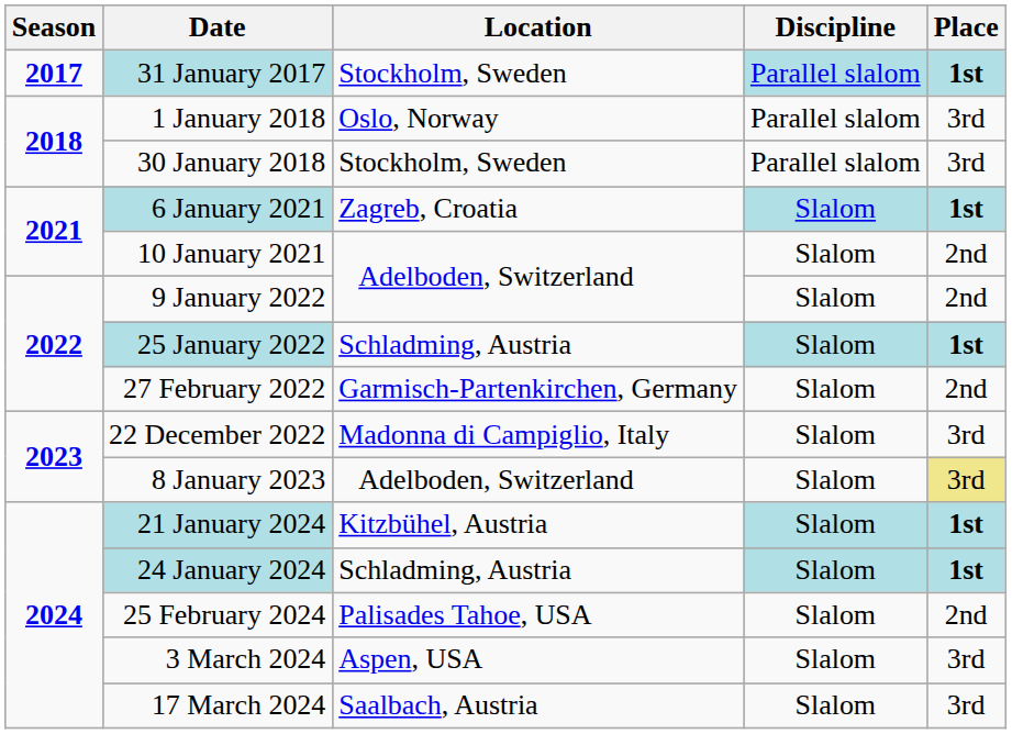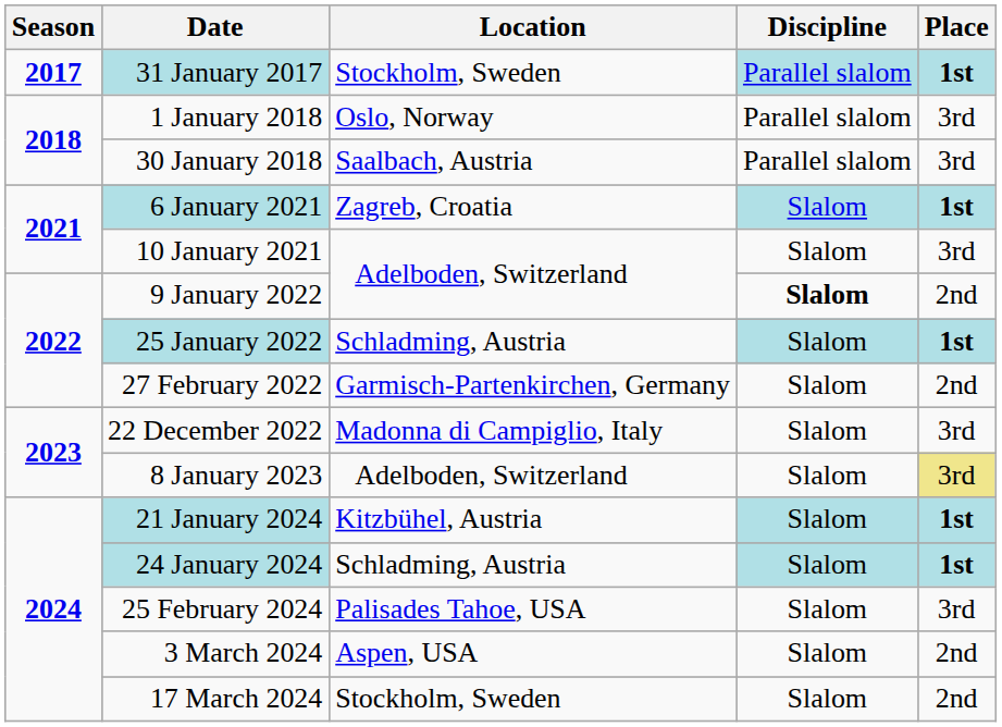 <table class=wikitable style="text-align:center">
 <tr>
 <th>Season</th>
 <th>Date</th>
 <th>Location</th>
 <th>Discipline</th>
 <th>Place</th>
 </tr>
 <tr>
 <td><strong><a href='#'>2017</a></strong></td>
 <td bgcolor="#BOEOE6" align="right">31 January 2017</td>
 <td align="left"> <a href='#'>Stockholm</a>, Sweden</td>
 <td bgcolor="#BOEOE6"><a href='#'>Parallel slalom</a></td>
 <td bgcolor="#BOEOE6"><strong>1st</strong></td>
 </tr>
 <tr>
 <td rowspan="2"><strong><a href='#'>2018</a></strong></td>
 <td align="right">1 January 2018</td>
 <td align="left"> <a href='#'>Oslo</a>, Norway</td>
 <td>Parallel slalom</td>
 <td>3rd</td>
 </tr>
 <tr>
 <td align="right">30 January 2018</td>
-<td align="left"> Stockholm, Sweden</td>
+<td align="left"> <a href='#'>Saalbach</a>, Austria</td>
 <td>Parallel slalom</td>
 <td>3rd</td>
 </tr>
 <tr>
 <td rowspan="2"><strong><a href='#'>2021</a></strong></td>
 <td bgcolor="#BOEOE6" align="right">6 January 2021</td>
 <td align="left"> <a href='#'>Zagreb</a>, Croatia</td>
 <td bgcolor="#BOEOE6"><a href='#'>Slalom</a></td>
 <td bgcolor="#BOEOE6"><strong>1st</strong></td>
 </tr>
 <tr>
 <td align="right">10 January 2021</td>
 <td align="left" rowspan="2">   <a href='#'>Adelboden</a>, Switzerland</td>
 <td>Slalom</td>
-<td>2nd</td>
+<td>3rd</td>
 </tr>
 <tr>
 <td rowspan="3"><strong><a href='#'>2022</a></strong></td>
 <td align="right">9 January 2022</td>
-<td>Slalom</td>
+<td><strong>Slalom</strong></td>
 <td>2nd</td>
 </tr>
 <tr>
 <td bgcolor="#BOEOE6" align="right">25 January 2022</td>
 <td align="left"> <a href='#'>Schladming</a>, Austria</td>
 <td bgcolor="#BOEOE6">Slalom</td>
 <td bgcolor="#BOEOE6"><strong>1st</strong></td>
 </tr>
 <tr>
 <td align="right">27 February 2022</td>
 <td align="left"> <a href='#'>Garmisch-Partenkirchen</a>, Germany</td>
 <td>Slalom</td>
 <td>2nd</td>
 </tr>
 <tr>
 <td rowspan="2"><strong><a href='#'>2023</a></strong></td>
 <td align="right">22 December 2022</td>
 <td align="left"> <a href='#'>Madonna di Campiglio</a>, Italy</td>
 <td>Slalom</td>
 <td>3rd</td>
 </tr>
 <tr>
 <td align="right">8 January 2023</td>
 <td align="left">   Adelboden, Switzerland</td>
 <td>Slalom</td>
 <td style="background: khaki;">3rd</td>
 </tr>
 <tr>
 <td rowspan="5"><strong><a href='#'>2024</a></strong></td>
 <td bgcolor="#BOEOE6" align="right">21 January 2024</td>
 <td align="left"> <a href='#'>Kitzbühel</a>, Austria</td>
 <td bgcolor="#BOEOE6">Slalom</td>
 <td bgcolor="#BOEOE6"><strong>1st</strong></td>
 </tr>
 <tr>
 <td bgcolor="#BOEOE6" align="right">24 January 2024</td>
 <td align="left"> Schladming, Austria</td>
 <td bgcolor="#BOEOE6">Slalom</td>
 <td bgcolor="#BOEOE6"><strong>1st</strong></td>
 </tr>
 <tr>
 <td align="right">25 February 2024</td>
 <td align="left"> <a href='#'>Palisades Tahoe</a>, USA</td>
 <td>Slalom</td>
-<td>2nd</td>
+<td>3rd</td>
 </tr>
 <tr>
 <td align="right">3 March 2024</td>
 <td align="left"> <a href='#'>Aspen</a>, USA</td>
 <td>Slalom</td>
-<td>3rd</td>
+<td>2nd</td>
 </tr>
 <tr>
 <td align="right">17 March 2024</td>
-<td align="left"> <a href='#'>Saalbach</a>, Austria</td>
+<td align="left"> Stockholm, Sweden</td>
 <td>Slalom</td>
-<td>3rd</td>
+<td>2nd</td>
 </tr>
 </table>
